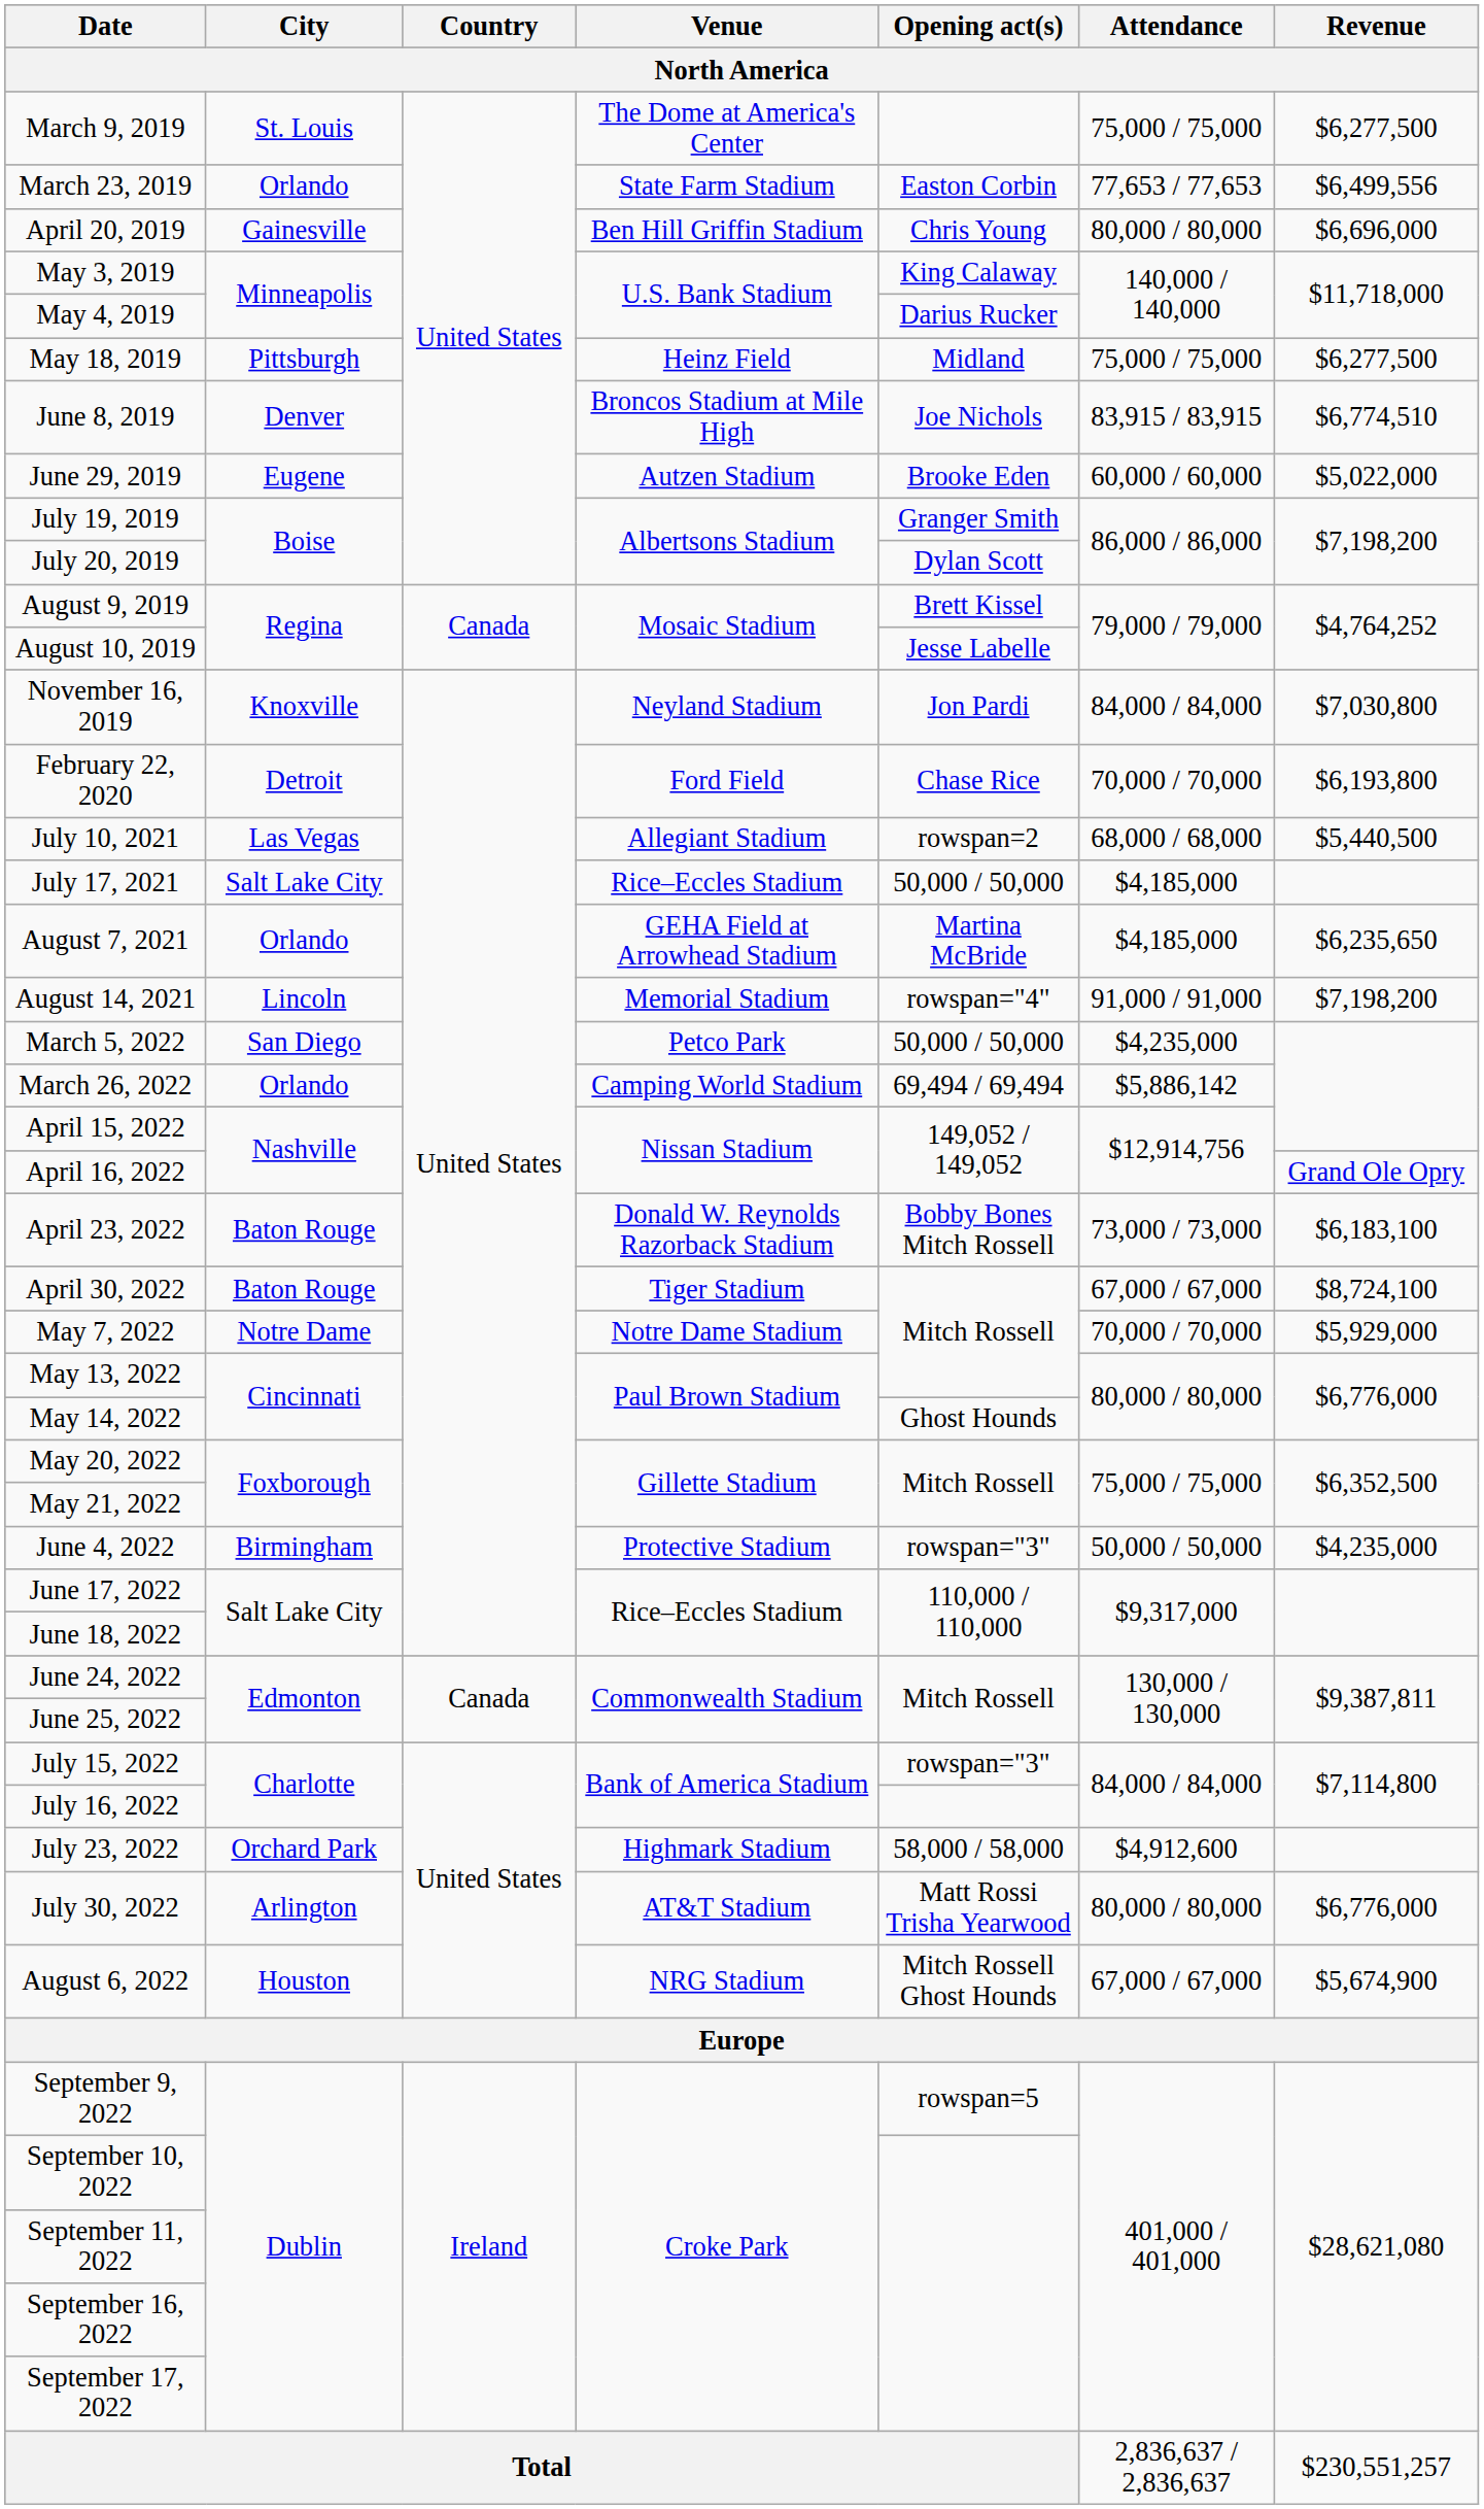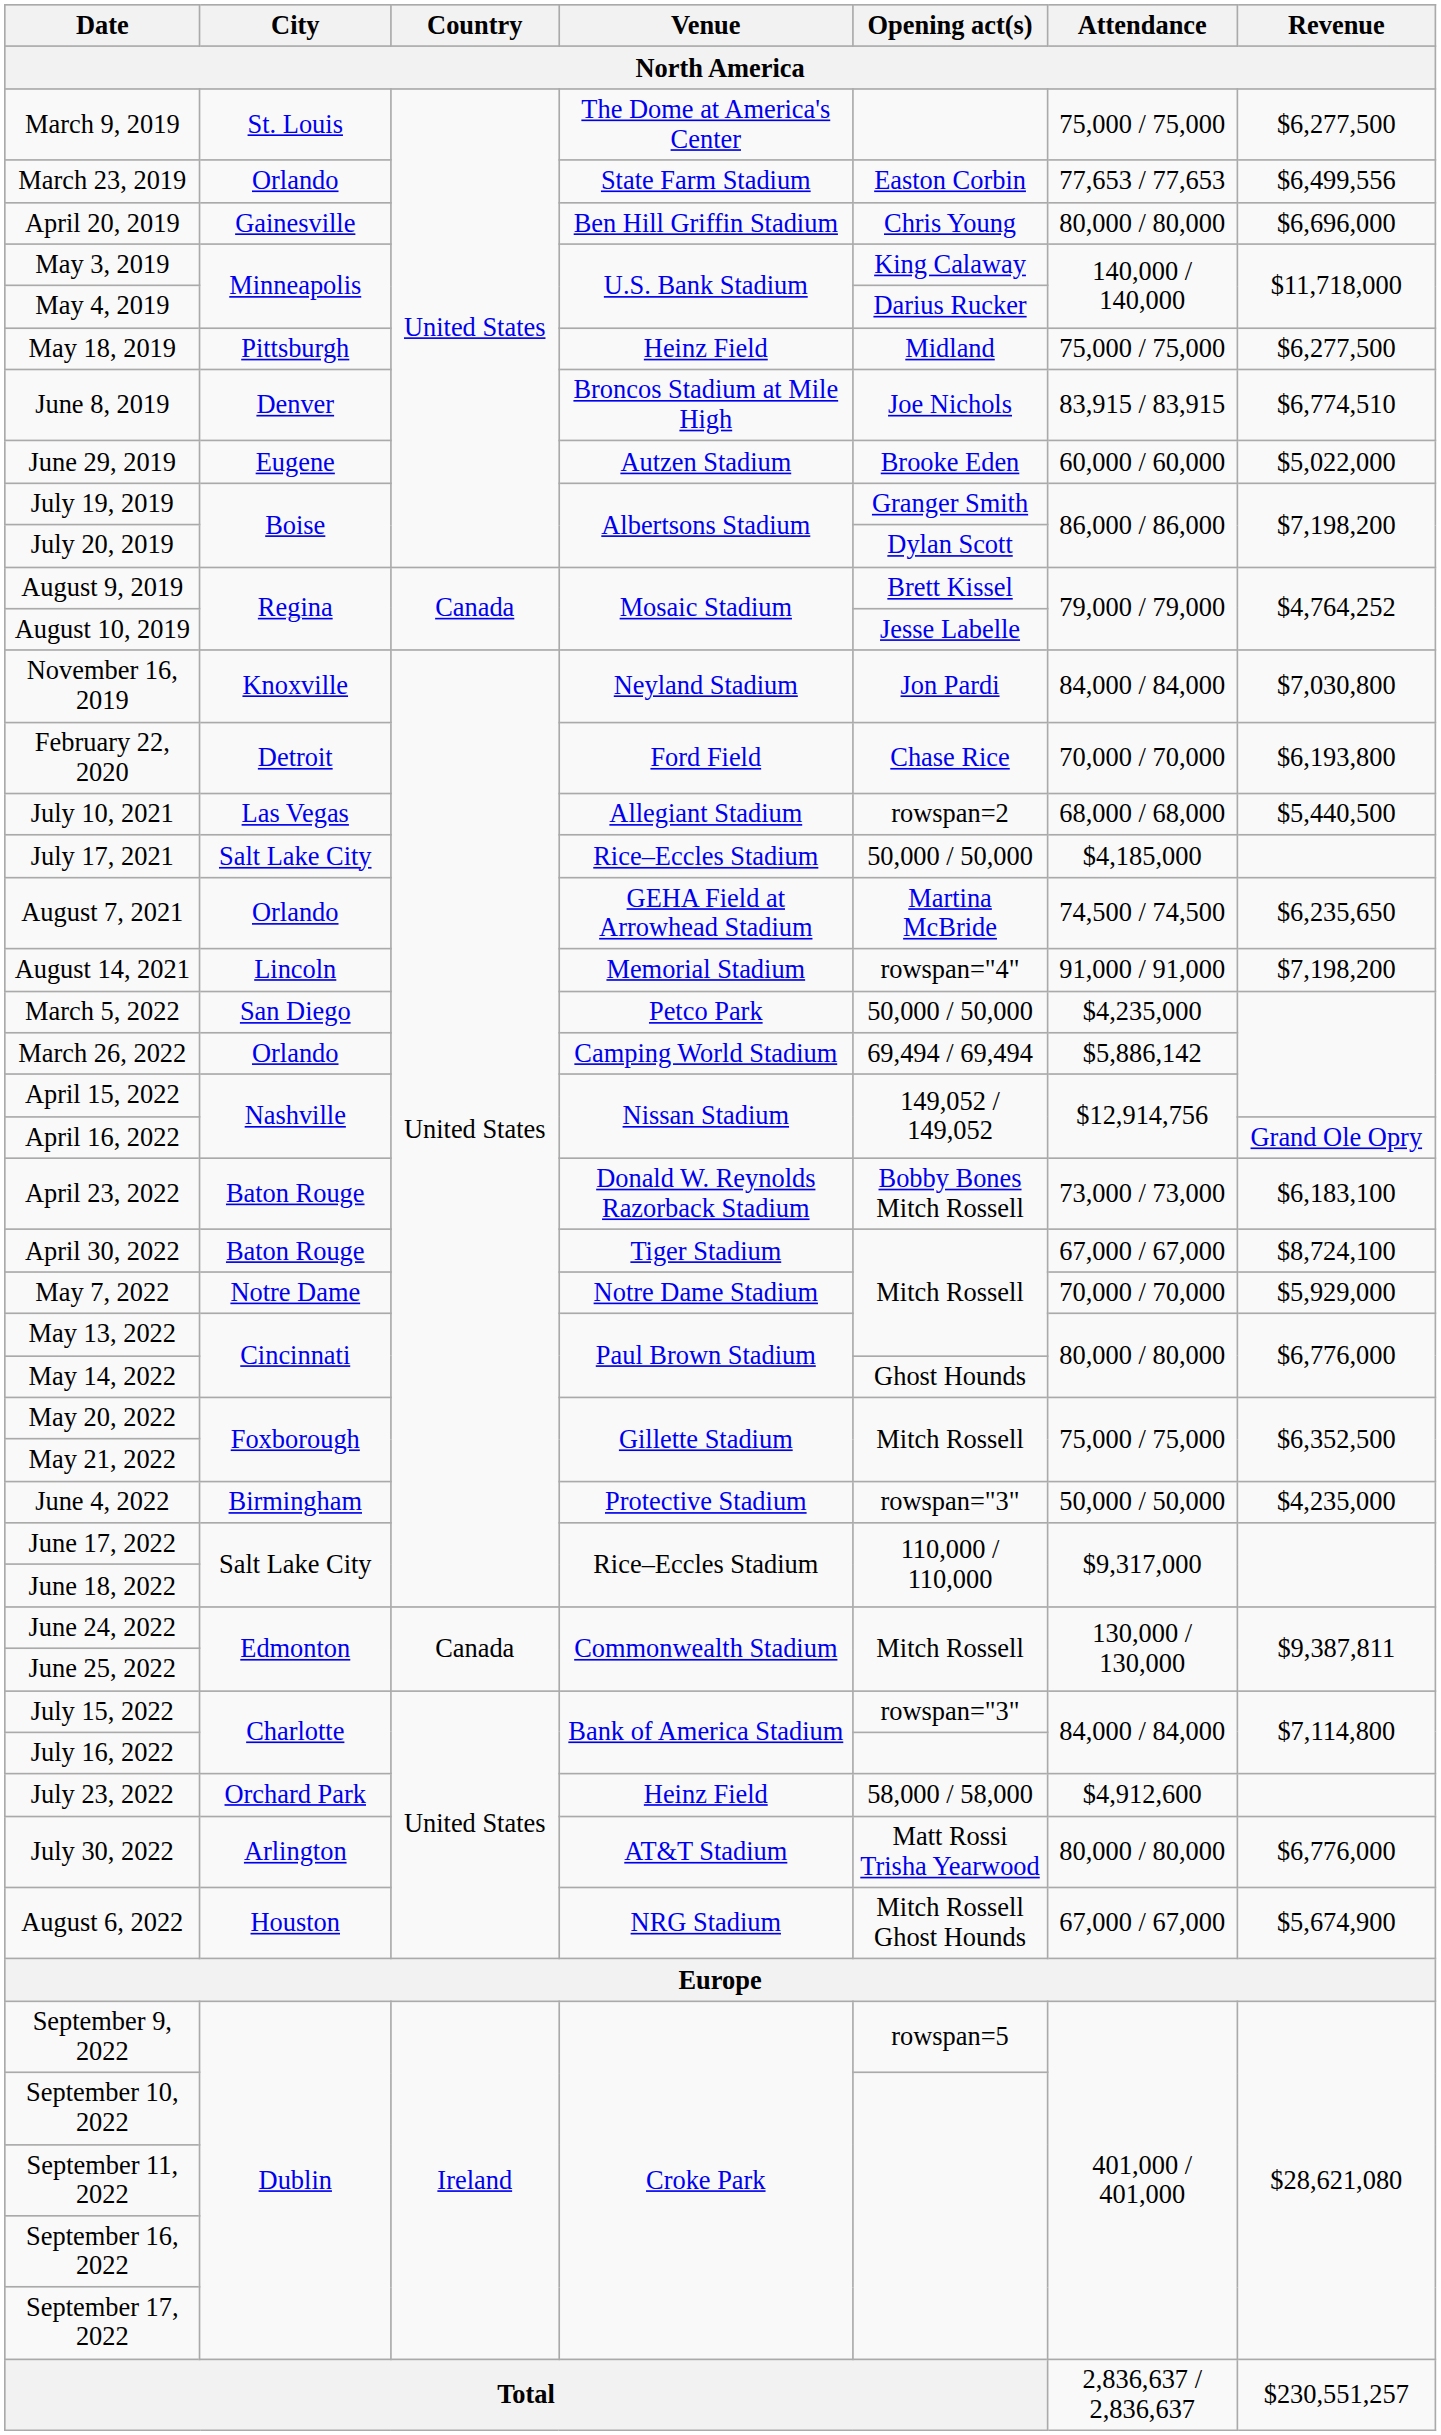 <table class="wikitable" style="text-align:center;">
 <tr>
 <th width="175">Date</th>
 <th width="150">City</th>
 <th width="150">Country</th>
 <th width="275">Venue</th>
 <th width="150">Opening act(s)</th>
 <th width="150">Attendance</th>
 <th width="150">Revenue</th>
 </tr>
 <tr>
 <th colspan="7">North America</th>
 </tr>
 <tr>
 <td>March 9, 2019</td>
 <td><a href='#'>St. Louis</a></td>
 <td rowspan="10"><a href='#'>United States</a></td>
 <td><a href='#'>The Dome at America's Center</a></td>
 <td></td>
 <td>75,000 / 75,000</td>
 <td>$6,277,500</td>
 </tr>
 <tr>
 <td>March 23, 2019</td>
 <td><a href='#'>Orlando</a></td>
 <td><a href='#'>State Farm Stadium</a></td>
 <td><a href='#'>Easton Corbin</a></td>
 <td>77,653 / 77,653</td>
 <td>$6,499,556</td>
 </tr>
 <tr>
 <td>April 20, 2019</td>
 <td><a href='#'>Gainesville</a></td>
 <td><a href='#'>Ben Hill Griffin Stadium</a></td>
 <td><a href='#'>Chris Young</a></td>
 <td>80,000 / 80,000</td>
 <td>$6,696,000</td>
 </tr>
 <tr>
 <td>May 3, 2019</td>
 <td rowspan="2"><a href='#'>Minneapolis</a></td>
 <td rowspan="2"><a href='#'>U.S. Bank Stadium</a></td>
 <td><a href='#'>King Calaway</a></td>
 <td rowspan="2">140,000 / 140,000</td>
 <td rowspan="2">$11,718,000</td>
 </tr>
 <tr>
 <td>May 4, 2019</td>
 <td><a href='#'>Darius Rucker</a></td>
 </tr>
 <tr>
 <td>May 18, 2019</td>
 <td><a href='#'>Pittsburgh</a></td>
 <td><a href='#'>Heinz Field</a></td>
 <td><a href='#'>Midland</a></td>
 <td>75,000 / 75,000</td>
 <td>$6,277,500</td>
 </tr>
 <tr>
 <td>June 8, 2019</td>
 <td><a href='#'>Denver</a></td>
 <td><a href='#'>Broncos Stadium at Mile High</a></td>
 <td><a href='#'>Joe Nichols</a></td>
 <td>83,915 / 83,915</td>
 <td>$6,774,510</td>
 </tr>
 <tr>
 <td>June 29, 2019</td>
 <td><a href='#'>Eugene</a></td>
 <td><a href='#'>Autzen Stadium</a></td>
 <td><a href='#'>Brooke Eden</a></td>
 <td>60,000 / 60,000</td>
 <td>$5,022,000</td>
 </tr>
 <tr>
 <td>July 19, 2019</td>
 <td rowspan="2"><a href='#'>Boise</a></td>
 <td rowspan="2"><a href='#'>Albertsons Stadium</a></td>
 <td><a href='#'>Granger Smith</a></td>
 <td rowspan="2">86,000 / 86,000</td>
 <td rowspan="2">$7,198,200</td>
 </tr>
 <tr>
 <td>July 20, 2019</td>
 <td><a href='#'>Dylan Scott</a></td>
 </tr>
 <tr>
 <td>August 9, 2019</td>
 <td rowspan="2"><a href='#'>Regina</a></td>
 <td rowspan="2"><a href='#'>Canada</a></td>
 <td rowspan="2"><a href='#'>Mosaic Stadium</a></td>
 <td><a href='#'>Brett Kissel</a></td>
 <td rowspan="2">79,000 / 79,000</td>
 <td rowspan="2">$4,764,252</td>
 </tr>
 <tr>
 <td>August 10, 2019</td>
 <td><a href='#'>Jesse Labelle</a></td>
 </tr>
 <tr>
 <td>November 16, 2019</td>
 <td><a href='#'>Knoxville</a></td>
 <td rowspan="20">United States</td>
 <td><a href='#'>Neyland Stadium</a></td>
 <td><a href='#'>Jon Pardi</a></td>
 <td>84,000 / 84,000</td>
 <td>$7,030,800</td>
 </tr>
 <tr>
 <td>February 22, 2020</td>
 <td><a href='#'>Detroit</a></td>
 <td><a href='#'>Ford Field</a></td>
 <td><a href='#'>Chase Rice</a></td>
 <td>70,000 / 70,000</td>
 <td>$6,193,800</td>
 </tr>
 <tr>
 <td>July 10, 2021</td>
 <td><a href='#'>Las Vegas</a></td>
 <td><a href='#'>Allegiant Stadium</a></td>
 <td>rowspan=2 </td>
 <td>68,000 / 68,000</td>
 <td>$5,440,500</td>
 </tr>
 <tr>
 <td>July 17, 2021</td>
 <td><a href='#'>Salt Lake City</a></td>
 <td><a href='#'>Rice–Eccles Stadium</a></td>
 <td>50,000 / 50,000</td>
 <td>$4,185,000</td>
 </tr>
 <tr>
 <td>August 7, 2021</td>
 <td><a href='#'>Orlando</a></td>
 <td><a href='#'>GEHA Field at Arrowhead Stadium</a></td>
 <td><a href='#'>Martina McBride</a></td>
-<td>$4,185,000</td>
+<td>74,500 / 74,500</td>
 <td>$6,235,650</td>
 </tr>
 <tr>
 <td>August 14, 2021</td>
 <td><a href='#'>Lincoln</a></td>
 <td><a href='#'>Memorial Stadium</a></td>
 <td>rowspan="4" </td>
 <td>91,000 / 91,000</td>
 <td>$7,198,200</td>
 </tr>
 <tr>
 <td>March 5, 2022</td>
 <td><a href='#'>San Diego</a></td>
 <td><a href='#'>Petco Park</a></td>
 <td>50,000 / 50,000</td>
 <td>$4,235,000</td>
 </tr>
 <tr>
 <td>March 26, 2022</td>
 <td><a href='#'>Orlando</a></td>
 <td><a href='#'>Camping World Stadium</a></td>
 <td>69,494 / 69,494</td>
 <td>$5,886,142</td>
 </tr>
 <tr>
 <td>April 15, 2022</td>
 <td rowspan="2"><a href='#'>Nashville</a></td>
 <td rowspan="2"><a href='#'>Nissan Stadium</a></td>
 <td rowspan="2">149,052 / 149,052</td>
 <td rowspan="2">$12,914,756</td>
 </tr>
 <tr>
 <td>April 16, 2022</td>
 <td><a href='#'>Grand Ole Opry</a></td>
 </tr>
 <tr>
 <td>April 23, 2022</td>
 <td><a href='#'>Baton Rouge</a></td>
 <td><a href='#'>Donald W. Reynolds Razorback Stadium</a></td>
 <td><a href='#'>Bobby Bones</a><br>Mitch Rossell</td>
 <td>73,000 / 73,000</td>
 <td>$6,183,100</td>
 </tr>
 <tr>
 <td>April 30, 2022</td>
 <td><a href='#'>Baton Rouge</a></td>
 <td><a href='#'>Tiger Stadium</a></td>
 <td rowspan="3">Mitch Rossell</td>
 <td>67,000 / 67,000</td>
 <td>$8,724,100</td>
 </tr>
 <tr>
 <td>May 7, 2022</td>
 <td><a href='#'>Notre Dame</a></td>
 <td><a href='#'>Notre Dame Stadium</a></td>
 <td>70,000 / 70,000</td>
 <td>$5,929,000</td>
 </tr>
 <tr>
 <td>May 13, 2022</td>
 <td rowspan="2"><a href='#'>Cincinnati</a></td>
 <td rowspan="2"><a href='#'>Paul Brown Stadium</a></td>
 <td rowspan="2">80,000 / 80,000</td>
 <td rowspan="2">$6,776,000</td>
 </tr>
 <tr>
 <td>May 14, 2022</td>
 <td>Ghost Hounds</td>
 </tr>
 <tr>
 <td>May 20, 2022</td>
 <td rowspan="2"><a href='#'>Foxborough</a></td>
 <td rowspan="2"><a href='#'>Gillette Stadium</a></td>
 <td rowspan="2">Mitch Rossell</td>
 <td rowspan="2">75,000 / 75,000</td>
 <td rowspan="2">$6,352,500</td>
 </tr>
 <tr>
 <td>May 21, 2022</td>
 </tr>
 <tr>
 <td>June 4, 2022</td>
 <td><a href='#'>Birmingham</a></td>
 <td><a href='#'>Protective Stadium</a></td>
 <td>rowspan="3" </td>
 <td>50,000 / 50,000</td>
 <td>$4,235,000</td>
 </tr>
 <tr>
 <td>June 17, 2022</td>
 <td rowspan="2">Salt Lake City</td>
 <td rowspan="2">Rice–Eccles Stadium</td>
 <td rowspan="2">110,000 / 110,000</td>
 <td rowspan="2">$9,317,000</td>
 </tr>
 <tr>
 <td>June 18, 2022</td>
 </tr>
 <tr>
 <td>June 24, 2022</td>
 <td rowspan="2"><a href='#'>Edmonton</a></td>
 <td rowspan="2">Canada</td>
 <td rowspan="2"><a href='#'>Commonwealth Stadium</a></td>
 <td rowspan="2">Mitch Rossell</td>
 <td rowspan="2">130,000 / 130,000</td>
 <td rowspan="2">$9,387,811</td>
 </tr>
 <tr>
 <td>June 25, 2022</td>
 </tr>
 <tr>
 <td>July 15, 2022</td>
 <td rowspan="2"><a href='#'>Charlotte</a></td>
 <td rowspan="5">United States</td>
 <td rowspan="2"><a href='#'>Bank of America Stadium</a></td>
 <td>rowspan="3" </td>
 <td rowspan="2">84,000 / 84,000</td>
 <td rowspan="2">$7,114,800</td>
 </tr>
 <tr>
 <td>July 16, 2022</td>
 </tr>
 <tr>
 <td>July 23, 2022</td>
 <td><a href='#'>Orchard Park</a></td>
-<td><a href='#'>Highmark Stadium</a></td>
+<td><a href='#'>Heinz Field</a></td>
 <td>58,000 / 58,000</td>
 <td>$4,912,600</td>
 </tr>
 <tr>
 <td>July 30, 2022</td>
 <td><a href='#'>Arlington</a></td>
 <td><a href='#'>AT&T Stadium</a></td>
 <td rowspan="1">Matt Rossi<br><a href='#'>Trisha Yearwood</a></td>
 <td>80,000 / 80,000</td>
 <td>$6,776,000</td>
 </tr>
 <tr>
 <td>August 6, 2022</td>
 <td><a href='#'>Houston</a></td>
 <td><a href='#'>NRG Stadium</a></td>
 <td rowspan="1">Mitch Rossell<br>Ghost Hounds</td>
 <td>67,000 / 67,000</td>
 <td>$5,674,900</td>
 </tr>
 <tr>
 <th colspan="7">Europe</th>
 </tr>
 <tr>
 <td>September 9, 2022</td>
 <td rowspan="5"><a href='#'>Dublin</a></td>
 <td rowspan="5"><a href='#'>Ireland</a></td>
 <td rowspan="5"><a href='#'>Croke Park</a></td>
 <td>rowspan=5 </td>
 <td rowspan="5">401,000 / 401,000</td>
 <td rowspan="5">$28,621,080</td>
 </tr>
 <tr>
 <td>September 10, 2022</td>
 </tr>
 <tr>
 <td>September 11, 2022</td>
 </tr>
 <tr>
 <td>September 16, 2022</td>
 </tr>
 <tr>
 <td>September 17, 2022</td>
 </tr>
 <tr>
 <th colspan=5>Total</th>
 <td>2,836,637 / 2,836,637</td>
 <td>$230,551,257</td>
 </tr>
 </table>
